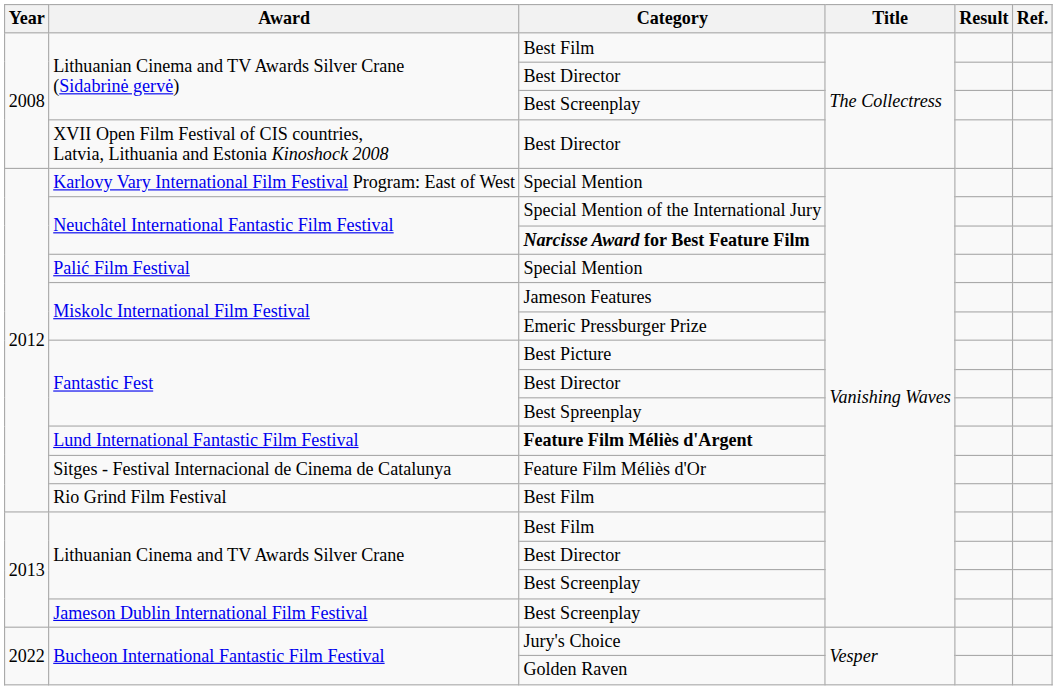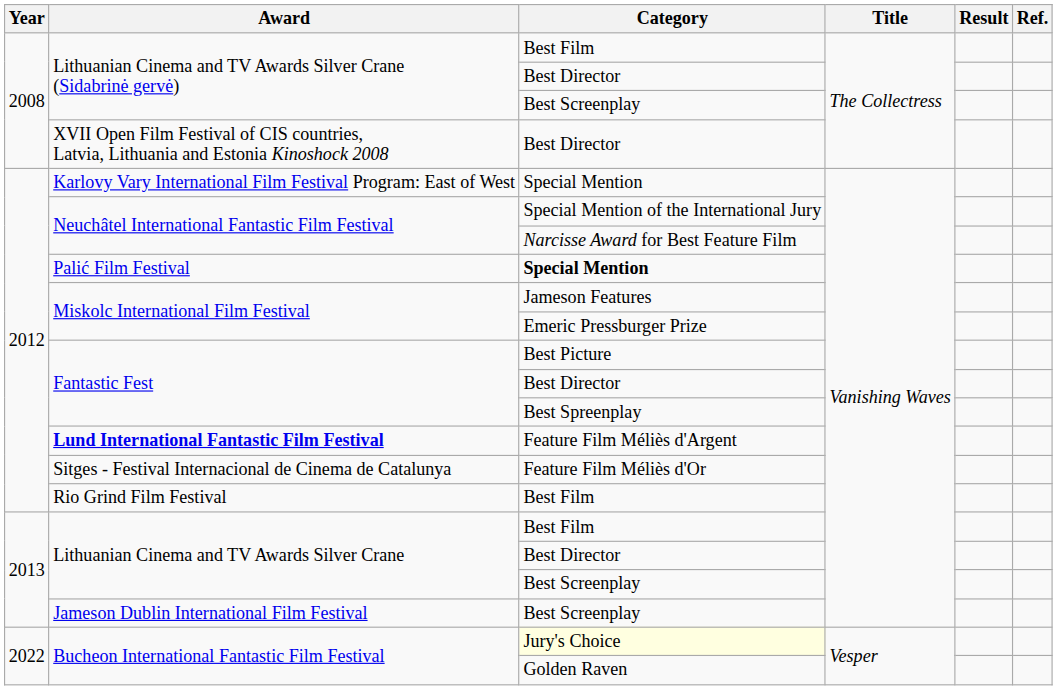 <table class="wikitable">
 <tr>
 <th>Year</th>
 <th>Award</th>
 <th>Category</th>
 <th>Title</th>
 <th>Result</th>
 <th>Ref.</th>
 </tr>
 <tr>
 <td rowspan=4>2008</td>
 <td rowspan=3>Lithuanian Cinema and TV Awards Silver Crane<br>(<a href='#'>Sidabrinė gervė</a>)</td>
 <td>Best Film</td>
 <td rowspan=4><em>The Collectress</em></td>
 <td></td>
 <td></td>
 </tr>
 <tr>
 <td>Best Director</td>
 <td></td>
 <td></td>
 </tr>
 <tr>
 <td>Best Screenplay</td>
 <td></td>
 <td></td>
 </tr>
 <tr>
 <td>XVII Open Film Festival of CIS countries,<br>Latvia, Lithuania and Estonia <em>Kinoshock 2008</em></td>
 <td>Best Director</td>
 <td></td>
 <td></td>
 </tr>
 <tr>
 <td rowspan=12>2012</td>
 <td><a href='#'>Karlovy Vary International Film Festival</a> Program: East of West</td>
 <td>Special Mention</td>
 <td rowspan=16><em>Vanishing Waves</em></td>
 <td></td>
 <td></td>
 </tr>
 <tr>
 <td rowspan=2><a href='#'>Neuchâtel International Fantastic Film Festival</a></td>
 <td>Special Mention of the International Jury</td>
 <td></td>
 <td></td>
 </tr>
 <tr>
-<td><strong><em>Narcisse Award</em> for Best Feature Film</strong></td>
+<td><em>Narcisse Award</em> for Best Feature Film</td>
 <td></td>
 <td></td>
 </tr>
 <tr>
 <td><a href='#'>Palić Film Festival</a></td>
-<td>Special Mention</td>
+<td><strong>Special Mention</strong></td>
 <td></td>
 <td></td>
 </tr>
 <tr>
 <td rowspan=2><a href='#'>Miskolc International Film Festival</a></td>
 <td>Jameson Features</td>
 <td></td>
 <td></td>
 </tr>
 <tr>
 <td>Emeric Pressburger Prize</td>
 <td></td>
 <td></td>
 </tr>
 <tr>
 <td rowspan=3><a href='#'>Fantastic Fest</a></td>
 <td>Best Picture</td>
 <td></td>
 <td></td>
 </tr>
 <tr>
 <td>Best Director</td>
 <td></td>
 <td></td>
 </tr>
 <tr>
 <td>Best Spreenplay</td>
 <td></td>
 <td></td>
 </tr>
 <tr>
-<td><a href='#'>Lund International Fantastic Film Festival</a></td>
-<td><strong>Feature Film Méliès d'Argent</strong></td>
+<td><strong><a href='#'>Lund International Fantastic Film Festival</a></strong></td>
+<td>Feature Film Méliès d'Argent</td>
 <td></td>
 <td></td>
 </tr>
 <tr>
 <td>Sitges - Festival Internacional de Cinema de Catalunya</td>
 <td>Feature Film Méliès d'Or</td>
 <td></td>
 <td></td>
 </tr>
 <tr>
 <td>Rio Grind Film Festival</td>
 <td>Best Film</td>
 <td></td>
 <td></td>
 </tr>
 <tr>
 <td rowspan=4>2013</td>
 <td rowspan=3>Lithuanian Cinema and TV Awards Silver Crane</td>
 <td>Best Film</td>
 <td></td>
 <td></td>
 </tr>
 <tr>
 <td>Best Director</td>
 <td></td>
 <td></td>
 </tr>
 <tr>
 <td>Best Screenplay</td>
 <td></td>
 <td></td>
 </tr>
 <tr>
 <td><a href='#'>Jameson Dublin International Film Festival</a></td>
 <td>Best Screenplay</td>
 <td></td>
 <td></td>
 </tr>
 <tr>
 <td rowspan=2>2022</td>
 <td rowspan=2><a href='#'>Bucheon International Fantastic Film Festival</a></td>
-<td>Jury's Choice</td>
+<td style="background: lightyellow;">Jury's Choice</td>
 <td rowspan=2><em>Vesper</em></td>
 <td></td>
 <td></td>
 </tr>
 <tr>
 <td>Golden Raven</td>
 <td></td>
 <td></td>
 </tr>
 </table>
